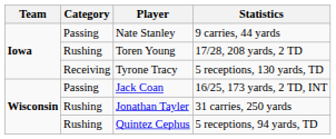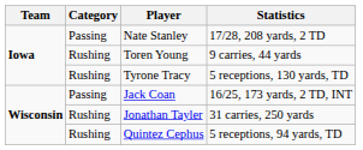 <table class="wikitable" style="float: left;">
 <tr>
 <th>Team</th>
 <th>Category</th>
 <th>Player</th>
 <th>Statistics</th>
 </tr>
 <tr>
 <td rowspan=3><strong>Iowa</strong></td>
 <td>Passing</td>
 <td>Nate Stanley</td>
+<td>17/28, 208 yards, 2 TD</td>
+</tr>
+<tr>
+<td>Rushing</td>
+<td>Toren Young</td>
 <td>9 carries, 44 yards</td>
 </tr>
 <tr>
 <td>Rushing</td>
-<td>Toren Young</td>
-<td>17/28, 208 yards, 2 TD</td>
-</tr>
-<tr>
-<td>Receiving</td>
 <td>Tyrone Tracy</td>
 <td>5 receptions, 130 yards, TD</td>
 </tr>
 <tr>
 <td rowspan=3><strong>Wisconsin</strong></td>
 <td>Passing</td>
 <td><a href='#'>Jack Coan</a></td>
 <td>16/25, 173 yards, 2 TD, INT</td>
 </tr>
 <tr>
 <td>Rushing</td>
 <td><a href='#'>Jonathan Tayler</a></td>
 <td>31 carries, 250 yards</td>
 </tr>
 <tr>
 <td>Rushing</td>
 <td><a href='#'>Quintez Cephus</a></td>
 <td>5 receptions, 94 yards, TD</td>
 </tr>
 </table>
